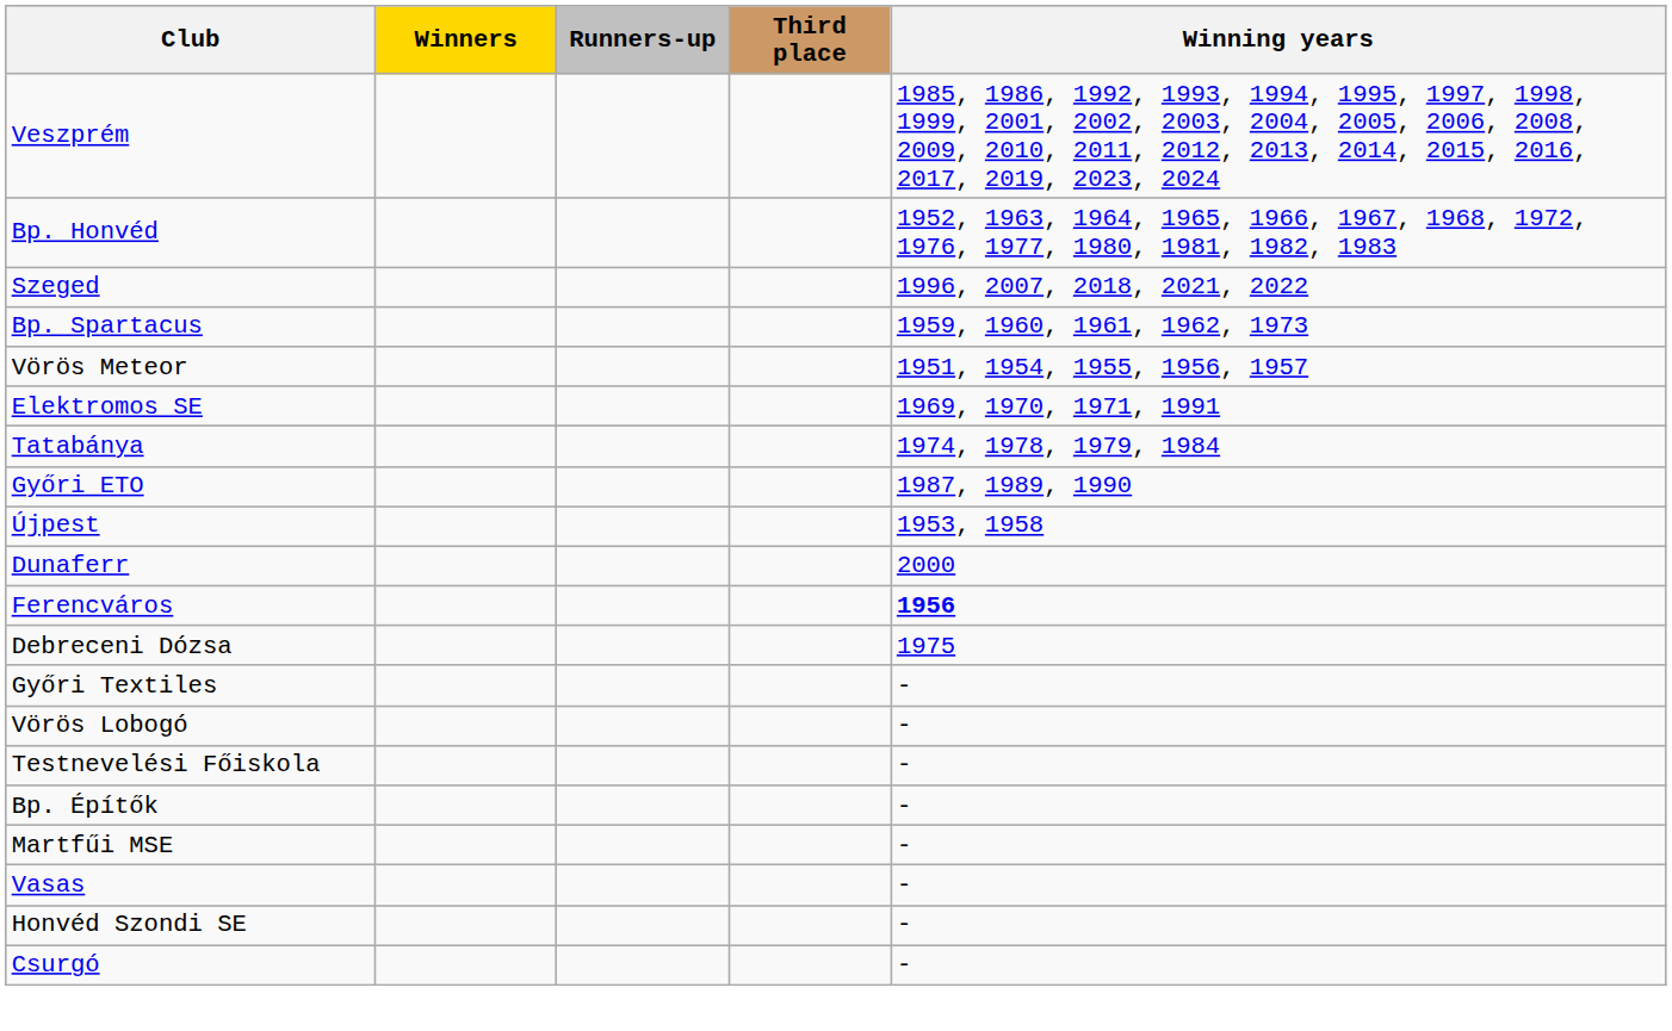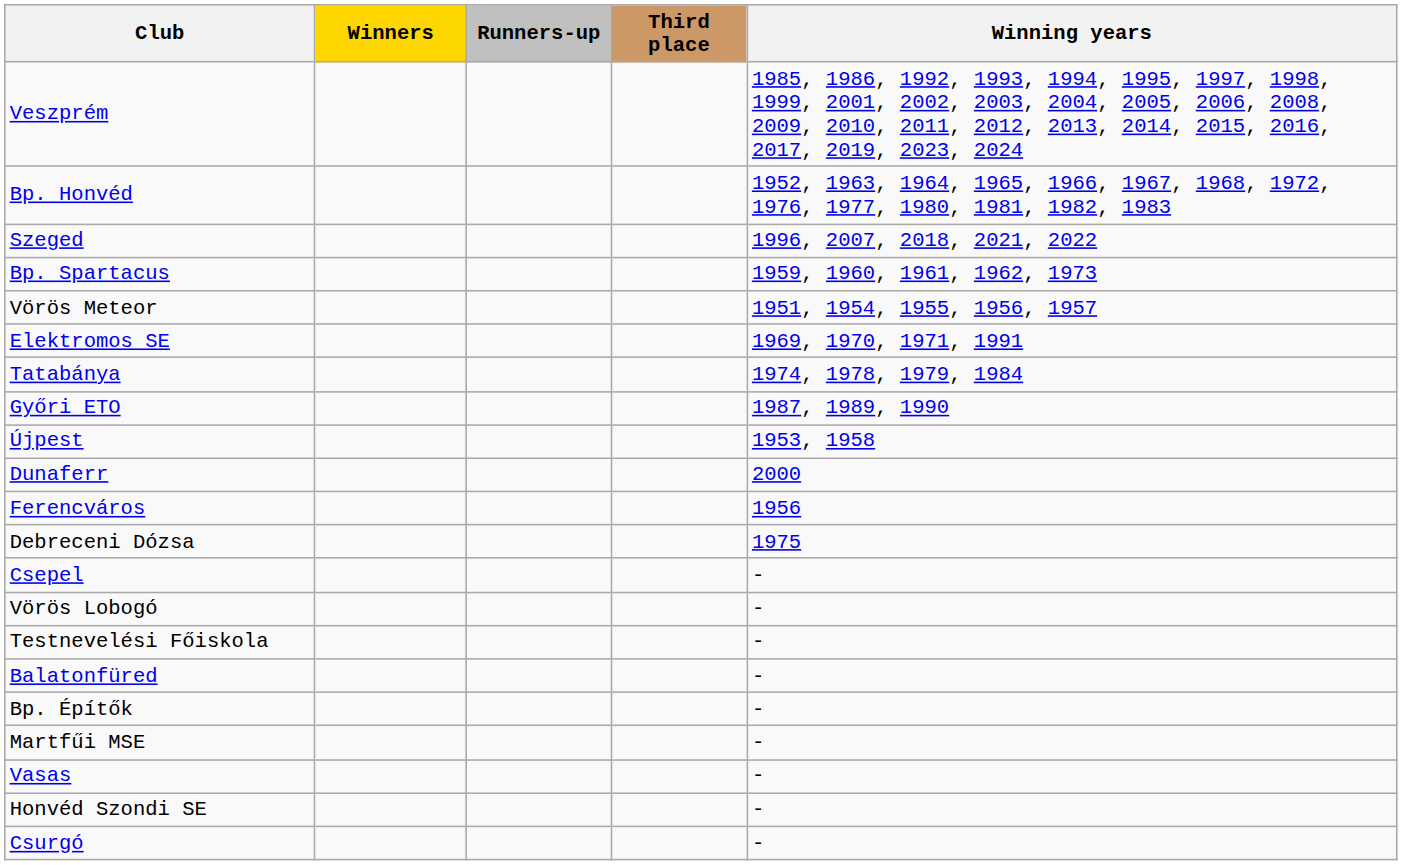 <table class="wikitable">
 <tr>
 <th width=190>Club</th>
 <th width=90; style="background:gold">Winners</th>
 <th width=85; style="background:silver">Runners-up</th>
 <th width=80; style="background:#cc9966">Third place</th>
 <th width=405>Winning years</th>
 </tr>
 <tr>
 <td><a href='#'>Veszprém</a></td>
 <td></td>
 <td></td>
 <td></td>
 <td><a href='#'>1985</a>, <a href='#'>1986</a>, <a href='#'>1992</a>, <a href='#'>1993</a>, <a href='#'>1994</a>, <a href='#'>1995</a>, <a href='#'>1997</a>, <a href='#'>1998</a>, <a href='#'>1999</a>, <a href='#'>2001</a>, <a href='#'>2002</a>, <a href='#'>2003</a>, <a href='#'>2004</a>, <a href='#'>2005</a>, <a href='#'>2006</a>, <a href='#'>2008</a>, <a href='#'>2009</a>, <a href='#'>2010</a>, <a href='#'>2011</a>, <a href='#'>2012</a>, <a href='#'>2013</a>, <a href='#'>2014</a>, <a href='#'>2015</a>, <a href='#'>2016</a>, <a href='#'>2017</a>, <a href='#'>2019</a>, <a href='#'>2023</a>, <a href='#'>2024</a></td>
 </tr>
 <tr>
 <td><a href='#'>Bp. Honvéd</a></td>
 <td></td>
 <td></td>
 <td></td>
 <td><a href='#'>1952</a>, <a href='#'>1963</a>, <a href='#'>1964</a>, <a href='#'>1965</a>, <a href='#'>1966</a>, <a href='#'>1967</a>, <a href='#'>1968</a>, <a href='#'>1972</a>, <a href='#'>1976</a>, <a href='#'>1977</a>, <a href='#'>1980</a>, <a href='#'>1981</a>, <a href='#'>1982</a>, <a href='#'>1983</a></td>
 </tr>
 <tr>
 <td><a href='#'>Szeged</a></td>
 <td></td>
 <td></td>
 <td></td>
 <td><a href='#'>1996</a>, <a href='#'>2007</a>, <a href='#'>2018</a>, <a href='#'>2021</a>, <a href='#'>2022</a></td>
 </tr>
 <tr>
 <td><a href='#'>Bp. Spartacus</a></td>
 <td></td>
 <td></td>
 <td></td>
 <td><a href='#'>1959</a>, <a href='#'>1960</a>, <a href='#'>1961</a>, <a href='#'>1962</a>, <a href='#'>1973</a></td>
 </tr>
 <tr>
 <td>Vörös Meteor</td>
 <td></td>
 <td></td>
 <td></td>
 <td><a href='#'>1951</a>, <a href='#'>1954</a>, <a href='#'>1955</a>, <a href='#'>1956</a>, <a href='#'>1957</a></td>
 </tr>
 <tr>
 <td><a href='#'>Elektromos SE</a></td>
 <td></td>
 <td></td>
 <td></td>
 <td><a href='#'>1969</a>, <a href='#'>1970</a>, <a href='#'>1971</a>, <a href='#'>1991</a></td>
 </tr>
 <tr>
 <td><a href='#'>Tatabánya</a></td>
 <td></td>
 <td></td>
 <td></td>
 <td><a href='#'>1974</a>, <a href='#'>1978</a>, <a href='#'>1979</a>, <a href='#'>1984</a></td>
 </tr>
 <tr>
 <td><a href='#'>Győri ETO</a></td>
 <td></td>
 <td></td>
 <td></td>
 <td><a href='#'>1987</a>, <a href='#'>1989</a>, <a href='#'>1990</a></td>
 </tr>
 <tr>
 <td><a href='#'>Újpest</a></td>
 <td></td>
 <td></td>
 <td></td>
 <td><a href='#'>1953</a>, <a href='#'>1958</a></td>
 </tr>
 <tr>
 <td><a href='#'>Dunaferr</a></td>
 <td></td>
 <td></td>
 <td></td>
 <td><a href='#'>2000</a></td>
 </tr>
 <tr>
 <td><a href='#'>Ferencváros</a></td>
 <td></td>
 <td></td>
 <td></td>
-<td><strong><a href='#'>1956</a></strong></td>
+<td><a href='#'>1956</a></td>
 </tr>
 <tr>
 <td>Debreceni Dózsa</td>
 <td></td>
 <td></td>
 <td></td>
 <td><a href='#'>1975</a></td>
 </tr>
 <tr>
-<td>Győri Textiles</td>
+<td><a href='#'>Csepel</a></td>
 <td></td>
 <td></td>
 <td></td>
 <td>-</td>
 </tr>
 <tr>
 <td>Vörös Lobogó</td>
 <td></td>
 <td></td>
 <td></td>
 <td>-</td>
 </tr>
 <tr>
 <td>Testnevelési Főiskola</td>
+<td></td>
+<td></td>
+<td></td>
+<td>-</td>
+</tr>
+<tr>
+<td><a href='#'>Balatonfüred</a></td>
 <td></td>
 <td></td>
 <td></td>
 <td>-</td>
 </tr>
 <tr>
 <td>Bp. Építők</td>
 <td></td>
 <td></td>
 <td></td>
 <td>-</td>
 </tr>
 <tr>
 <td>Martfűi MSE</td>
 <td></td>
 <td></td>
 <td></td>
 <td>-</td>
 </tr>
 <tr>
 <td><a href='#'>Vasas</a></td>
 <td></td>
 <td></td>
 <td></td>
 <td>-</td>
 </tr>
 <tr>
 <td>Honvéd Szondi SE</td>
 <td></td>
 <td></td>
 <td></td>
 <td>-</td>
 </tr>
 <tr>
 <td><a href='#'>Csurgó</a></td>
 <td></td>
 <td></td>
 <td></td>
 <td>-</td>
 </tr>
 </table>
